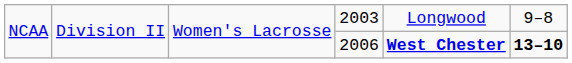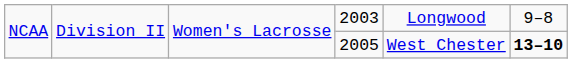 <table class="wikitable" style="text-align:center">
 <tr align="center">
 <td rowspan="2"><a href='#'>NCAA</a></td>
 <td rowspan="2"><a href='#'>Division II</a></td>
 <td rowspan="2"><a href='#'>Women's Lacrosse</a></td>
 <td>2003</td>
 <td><a href='#'>Longwood</a></td>
 <td>9–8</td>
 </tr>
 <tr align="center">
-<td>2006</td>
-<td><strong><a href='#'>West Chester</a></strong></td>
+<td>2005</td>
+<td><a href='#'>West Chester</a></td>
 <td><strong>13–10</strong></td>
 </tr>
 </table>
